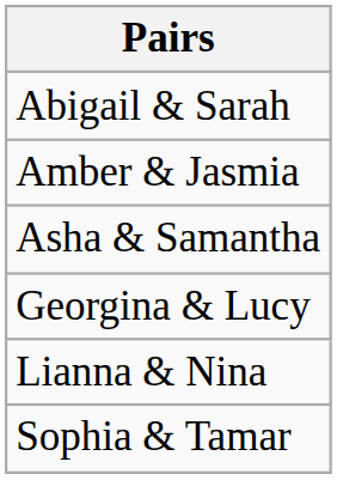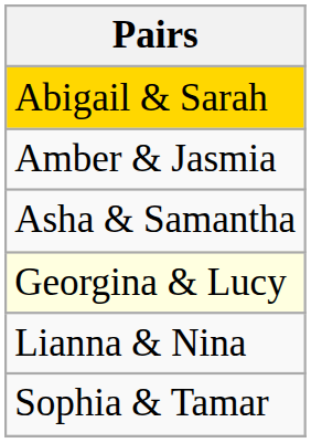 <table class="wikitable">
 <tr>
 <th>Pairs</th>
 </tr>
 <tr>
-<td>Abigail & Sarah</td>
+<td style="background: gold;">Abigail & Sarah</td>
 </tr>
 <tr>
 <td>Amber & Jasmia</td>
 </tr>
 <tr>
 <td>Asha & Samantha</td>
 </tr>
 <tr>
-<td>Georgina & Lucy</td>
+<td style="background: lightyellow;">Georgina & Lucy</td>
 </tr>
 <tr>
 <td>Lianna & Nina</td>
 </tr>
 <tr>
 <td>Sophia & Tamar</td>
 </tr>
 <tr>
 </tr>
 </table>
